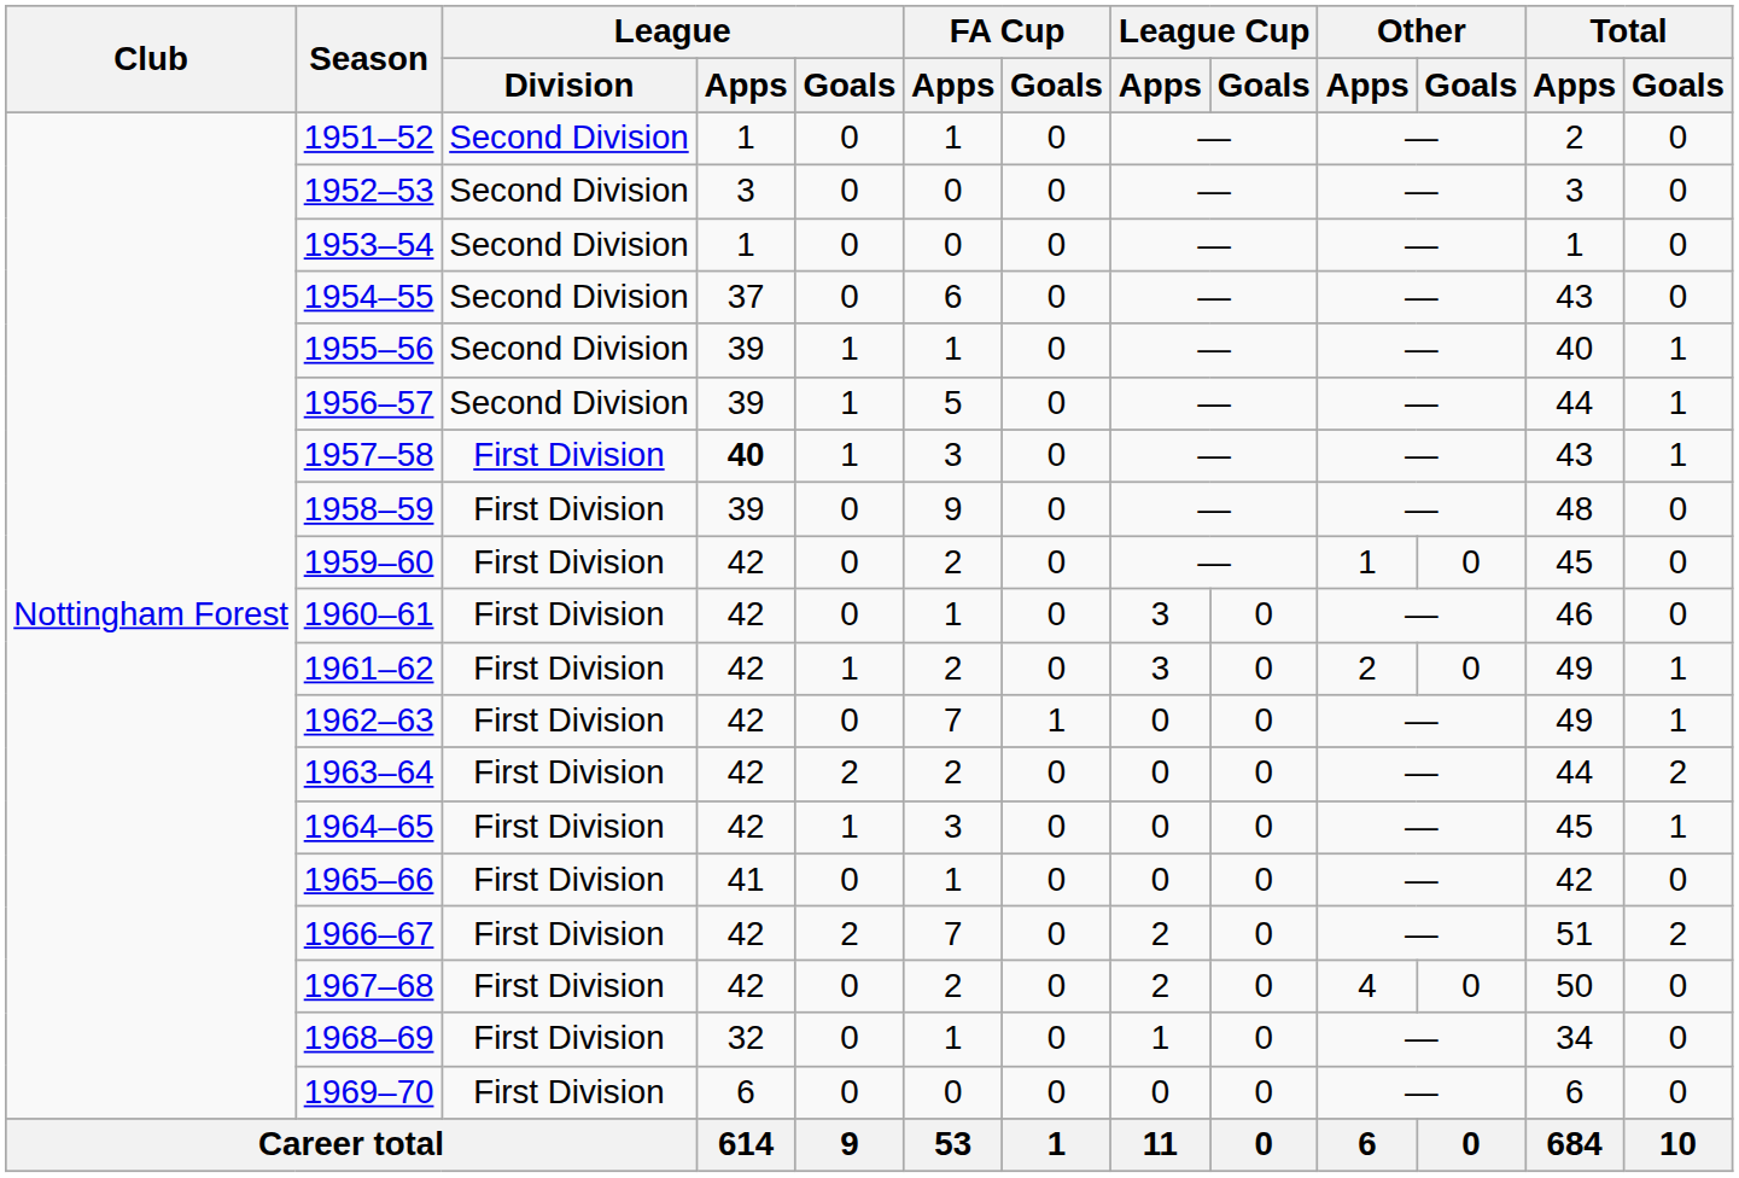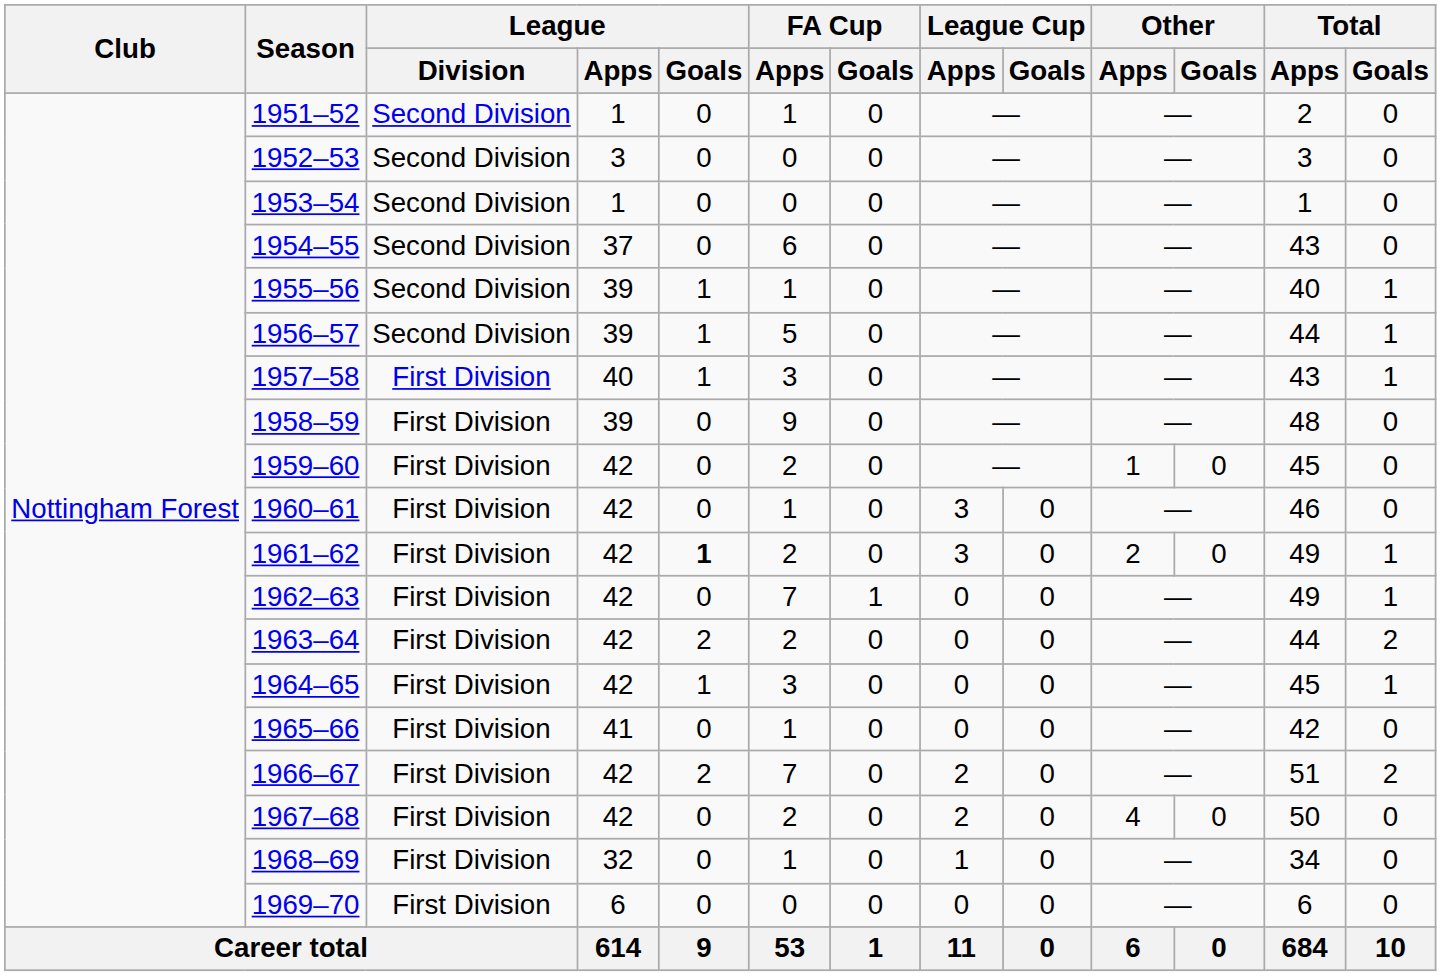 <table class="wikitable" style="text-align: center;">
 <tr>
 <th rowspan="2">Club</th>
 <th rowspan="2">Season</th>
 <th colspan="3">League</th>
 <th colspan="2">FA Cup</th>
 <th colspan="2">League Cup</th>
 <th colspan="2">Other</th>
 <th colspan="2">Total</th>
 </tr>
 <tr>
 <th>Division</th>
 <th>Apps</th>
 <th>Goals</th>
 <th>Apps</th>
 <th>Goals</th>
 <th>Apps</th>
 <th>Goals</th>
 <th>Apps</th>
 <th>Goals</th>
 <th>Apps</th>
 <th>Goals</th>
 </tr>
 <tr>
 <td rowspan="19"><a href='#'>Nottingham Forest</a></td>
 <td><a href='#'>1951–52</a></td>
 <td><a href='#'>Second Division</a></td>
 <td>1</td>
 <td>0</td>
 <td>1</td>
 <td>0</td>
 <td colspan="2">—</td>
 <td colspan="2">—</td>
 <td>2</td>
 <td>0</td>
 </tr>
 <tr>
 <td><a href='#'>1952–53</a></td>
 <td>Second Division</td>
 <td>3</td>
 <td>0</td>
 <td>0</td>
 <td>0</td>
 <td colspan="2">—</td>
 <td colspan="2">—</td>
 <td>3</td>
 <td>0</td>
 </tr>
 <tr>
 <td><a href='#'>1953–54</a></td>
 <td>Second Division</td>
 <td>1</td>
 <td>0</td>
 <td>0</td>
 <td>0</td>
 <td colspan="2">—</td>
 <td colspan="2">—</td>
 <td>1</td>
 <td>0</td>
 </tr>
 <tr>
 <td><a href='#'>1954–55</a></td>
 <td>Second Division</td>
 <td>37</td>
 <td>0</td>
 <td>6</td>
 <td>0</td>
 <td colspan="2">—</td>
 <td colspan="2">—</td>
 <td>43</td>
 <td>0</td>
 </tr>
 <tr>
 <td><a href='#'>1955–56</a></td>
 <td>Second Division</td>
 <td>39</td>
 <td>1</td>
 <td>1</td>
 <td>0</td>
 <td colspan="2">—</td>
 <td colspan="2">—</td>
 <td>40</td>
 <td>1</td>
 </tr>
 <tr>
 <td><a href='#'>1956–57</a></td>
 <td>Second Division</td>
 <td>39</td>
 <td>1</td>
 <td>5</td>
 <td>0</td>
 <td colspan="2">—</td>
 <td colspan="2">—</td>
 <td>44</td>
 <td>1</td>
 </tr>
 <tr>
 <td><a href='#'>1957–58</a></td>
 <td><a href='#'>First Division</a></td>
-<td><strong>40</strong></td>
+<td>40</td>
 <td>1</td>
 <td>3</td>
 <td>0</td>
 <td colspan="2">—</td>
 <td colspan="2">—</td>
 <td>43</td>
 <td>1</td>
 </tr>
 <tr>
 <td><a href='#'>1958–59</a></td>
 <td>First Division</td>
 <td>39</td>
 <td>0</td>
 <td>9</td>
 <td>0</td>
 <td colspan="2">—</td>
 <td colspan="2">—</td>
 <td>48</td>
 <td>0</td>
 </tr>
 <tr>
 <td><a href='#'>1959–60</a></td>
 <td>First Division</td>
 <td>42</td>
 <td>0</td>
 <td>2</td>
 <td>0</td>
 <td colspan="2">—</td>
 <td>1</td>
 <td>0</td>
 <td>45</td>
 <td>0</td>
 </tr>
 <tr>
 <td><a href='#'>1960–61</a></td>
 <td>First Division</td>
 <td>42</td>
 <td>0</td>
 <td>1</td>
 <td>0</td>
 <td>3</td>
 <td>0</td>
 <td colspan="2">—</td>
 <td>46</td>
 <td>0</td>
 </tr>
 <tr>
 <td><a href='#'>1961–62</a></td>
 <td>First Division</td>
 <td>42</td>
-<td>1</td>
+<td><strong>1</strong></td>
 <td>2</td>
 <td>0</td>
 <td>3</td>
 <td>0</td>
 <td>2</td>
 <td>0</td>
 <td>49</td>
 <td>1</td>
 </tr>
 <tr>
 <td><a href='#'>1962–63</a></td>
 <td>First Division</td>
 <td>42</td>
 <td>0</td>
 <td>7</td>
 <td>1</td>
 <td>0</td>
 <td>0</td>
 <td colspan="2">—</td>
 <td>49</td>
 <td>1</td>
 </tr>
 <tr>
 <td><a href='#'>1963–64</a></td>
 <td>First Division</td>
 <td>42</td>
 <td>2</td>
 <td>2</td>
 <td>0</td>
 <td>0</td>
 <td>0</td>
 <td colspan="2">—</td>
 <td>44</td>
 <td>2</td>
 </tr>
 <tr>
 <td><a href='#'>1964–65</a></td>
 <td>First Division</td>
 <td>42</td>
 <td>1</td>
 <td>3</td>
 <td>0</td>
 <td>0</td>
 <td>0</td>
 <td colspan="2">—</td>
 <td>45</td>
 <td>1</td>
 </tr>
 <tr>
 <td><a href='#'>1965–66</a></td>
 <td>First Division</td>
 <td>41</td>
 <td>0</td>
 <td>1</td>
 <td>0</td>
 <td>0</td>
 <td>0</td>
 <td colspan="2">—</td>
 <td>42</td>
 <td>0</td>
 </tr>
 <tr>
 <td><a href='#'>1966–67</a></td>
 <td>First Division</td>
 <td>42</td>
 <td>2</td>
 <td>7</td>
 <td>0</td>
 <td>2</td>
 <td>0</td>
 <td colspan="2">—</td>
 <td>51</td>
 <td>2</td>
 </tr>
 <tr>
 <td><a href='#'>1967–68</a></td>
 <td>First Division</td>
 <td>42</td>
 <td>0</td>
 <td>2</td>
 <td>0</td>
 <td>2</td>
 <td>0</td>
 <td>4</td>
 <td>0</td>
 <td>50</td>
 <td>0</td>
 </tr>
 <tr>
 <td><a href='#'>1968–69</a></td>
 <td>First Division</td>
 <td>32</td>
 <td>0</td>
 <td>1</td>
 <td>0</td>
 <td>1</td>
 <td>0</td>
 <td colspan="2">—</td>
 <td>34</td>
 <td>0</td>
 </tr>
 <tr>
 <td><a href='#'>1969–70</a></td>
 <td>First Division</td>
 <td>6</td>
 <td>0</td>
 <td>0</td>
 <td>0</td>
 <td>0</td>
 <td>0</td>
 <td colspan="2">—</td>
 <td>6</td>
 <td>0</td>
 </tr>
 <tr>
 <th colspan="3">Career total</th>
 <th>614</th>
 <th>9</th>
 <th>53</th>
 <th>1</th>
 <th>11</th>
 <th>0</th>
 <th>6</th>
 <th>0</th>
 <th>684</th>
 <th>10</th>
 </tr>
 </table>
